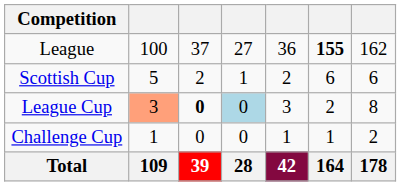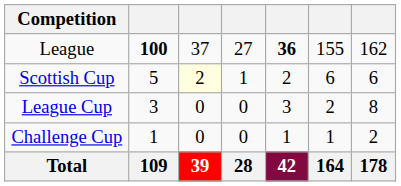 <table class="wikitable" style="text-align:center">
 <tr>
 <th width="100">Competition</th>
 <th width="35"></th>
 <th width="30"></th>
 <th width="30"></th>
 <th width="30"></th>
 <th width="30"></th>
 <th width="30"></th>
 </tr>
 <tr>
 <td>League</td>
-<td>100</td>
+<td><strong>100</strong></td>
 <td>37</td>
 <td>27</td>
-<td>36</td>
-<td><strong>155</strong></td>
+<td><strong>36</strong></td>
+<td>155</td>
 <td>162</td>
 </tr>
 <tr>
 <td><a href='#'>Scottish Cup</a></td>
 <td>5</td>
-<td>2</td>
+<td style="background: lightyellow;">2</td>
 <td>1</td>
 <td>2</td>
 <td>6</td>
 <td>6</td>
 </tr>
 <tr>
 <td><a href='#'>League Cup</a></td>
-<td style="background: lightsalmon;">3</td>
-<td><strong>0</strong></td>
-<td style="background: lightblue;">0</td>
+<td>3</td>
+<td>0</td>
+<td>0</td>
 <td>3</td>
 <td>2</td>
 <td>8</td>
 </tr>
 <tr>
 <td><a href='#'>Challenge Cup</a></td>
 <td>1</td>
 <td>0</td>
 <td>0</td>
 <td>1</td>
 <td>1</td>
 <td>2</td>
 </tr>
 <tr>
 <th>Total</th>
 <th>109</th>
 <th style="text-align:center; color:white; background:#FF0000;">39</th>
 <th>28</th>
 <th style="text-align:center; color:white; background:#830840;">42</th>
 <th>164</th>
 <th>178</th>
 </tr>
 </table>
